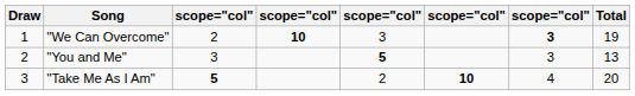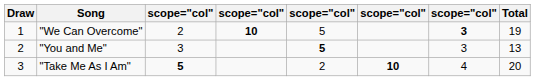 <table class="wikitable collapsible" style="margin: 1em auto 1em auto; text-align:center;">
 <tr>
 <th>Draw</th>
 <th>Song</th>
 <th>scope="col" </th>
 <th>scope="col" </th>
 <th>scope="col" </th>
 <th>scope="col" </th>
 <th>scope="col" </th>
 <th>Total</th>
 </tr>
 <tr>
 <td>1</td>
 <td align="left">"We Can Overcome"</td>
 <td>2</td>
 <td><strong>10</strong></td>
-<td>3</td>
+<td>5</td>
 <td></td>
 <td><strong>3</strong></td>
 <td>19</td>
 </tr>
 <tr>
 <td>2</td>
 <td align="left">"You and Me"</td>
 <td>3</td>
 <td></td>
 <td><strong>5</strong></td>
 <td></td>
 <td>3</td>
 <td>13</td>
 </tr>
 <tr>
 <td>3</td>
 <td align="left">"Take Me As I Am"</td>
 <td><strong>5</strong></td>
 <td></td>
 <td>2</td>
 <td><strong>10</strong></td>
 <td>4</td>
 <td>20</td>
 </tr>
 </table>
